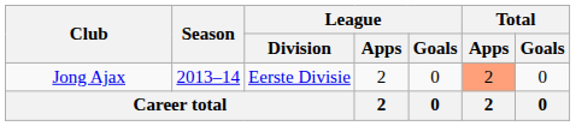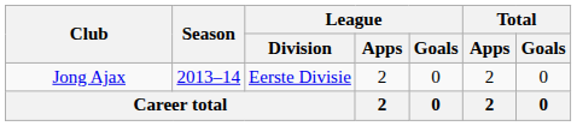 <table class="wikitable" style="text-align:center">
 <tr>
 <th rowspan=2 width=140>Club</th>
 <th rowspan=2>Season</th>
 <th colspan=3>League</th>
 <th colspan=2>Total</th>
 </tr>
 <tr>
 <th>Division</th>
 <th width=40>Apps</th>
 <th width=40>Goals</th>
 <th width=40>Apps</th>
 <th width=40>Goals</th>
 </tr>
 <tr>
 <td><a href='#'>Jong Ajax</a></td>
 <td><a href='#'>2013–14</a></td>
 <td><a href='#'>Eerste Divisie</a></td>
 <td>2</td>
 <td>0</td>
-<td style="background: lightsalmon;">2</td>
+<td>2</td>
 <td>0</td>
 </tr>
 <tr>
 <th colspan=3>Career total</th>
 <th>2</th>
 <th>0</th>
 <th>2</th>
 <th>0</th>
 </tr>
 </table>
